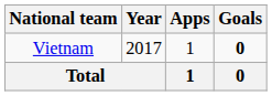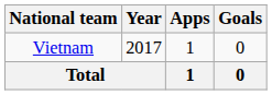 <table class="wikitable" style="text-align:center">
 <tr>
 <th>National team</th>
 <th>Year</th>
 <th>Apps</th>
 <th>Goals</th>
 </tr>
 <tr>
 <td rowspan="1"><a href='#'>Vietnam</a></td>
 <td>2017</td>
 <td>1</td>
-<td><strong>0</strong></td>
+<td>0</td>
 </tr>
 <tr>
 <th colspan=2>Total</th>
 <th>1</th>
 <th>0</th>
 </tr>
 </table>
